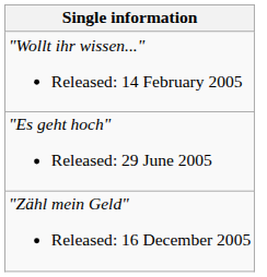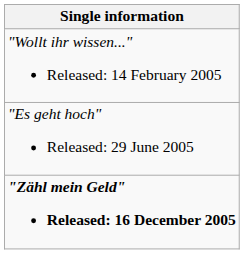 <table class="wikitable">
 <tr>
 <th>Single information</th>
 </tr>
 <tr>
 <td><em>"Wollt ihr wissen..."</em><br><ul><li>Released: 14 February 2005</li></ul></td>
 </tr>
 <tr>
 <td><em>"Es geht hoch"</em><br><ul><li>Released: 29 June 2005</li></ul></td>
 </tr>
 <tr>
-<td><em>"Zähl mein Geld"</em><br><ul><li>Released: 16 December 2005</li></ul></td>
+<td><strong><em>"Zähl mein Geld"</em><br><ul><li>Released: 16 December 2005</li></ul></strong></td>
 </tr>
 </table>
